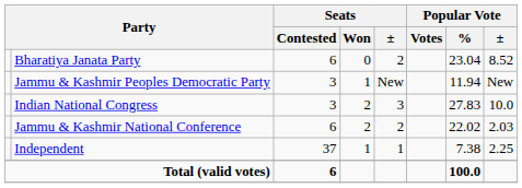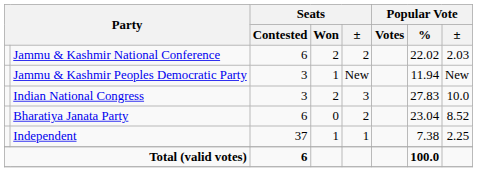 <table class="wikitable" style="text-align:right;">
 <tr style="background:#e9e9e9;">
 <th colspan="2" rowspan="2">Party</th>
 <th colspan="3">Seats</th>
 <th colspan="3">Popular Vote</th>
 </tr>
 <tr>
 <th>Contested</th>
 <th>Won</th>
 <th>±</th>
 <th>Votes</th>
 <th>%</th>
 <th>±</th>
 </tr>
 <tr>
 <td style="background-color:"></td>
-<td style="text-align:left;"><a href='#'>Bharatiya Janata Party</a></td>
+<td style="text-align:left;"><a href='#'>Jammu & Kashmir National Conference</a></td>
 <td>6</td>
-<td>0</td>
+<td>2</td>
 <td> 2</td>
 <td></td>
-<td>23.04</td>
-<td>8.52</td>
+<td>22.02</td>
+<td>2.03</td>
 </tr>
 <tr>
 <td style="background-color:"></td>
 <td style="text-align:left;"><a href='#'>Jammu & Kashmir Peoples Democratic Party</a></td>
 <td>3</td>
 <td>1</td>
 <td>New</td>
 <td></td>
 <td>11.94</td>
 <td>New</td>
 </tr>
 <tr>
 <td style="background-color:"></td>
 <td style="text-align:left;"><a href='#'>Indian National Congress</a></td>
 <td>3</td>
 <td>2</td>
 <td> 3</td>
 <td></td>
 <td>27.83</td>
 <td>10.0</td>
 </tr>
 <tr>
 <td style="background-color:"></td>
-<td style="text-align:left;"><a href='#'>Jammu & Kashmir National Conference</a></td>
+<td style="text-align:left;"><a href='#'>Bharatiya Janata Party</a></td>
 <td>6</td>
-<td>2</td>
+<td>0</td>
 <td> 2</td>
 <td></td>
-<td>22.02</td>
-<td>2.03</td>
+<td>23.04</td>
+<td>8.52</td>
 </tr>
 <tr>
 <td style="background-color:"></td>
 <td style="text-align:left;"><a href='#'>Independent</a></td>
 <td>37</td>
 <td>1</td>
 <td> 1</td>
 <td></td>
 <td>7.38</td>
 <td> 2.25</td>
 </tr>
 <tr>
 </tr>
 <tr style="font-weight:bold;">
 <td colspan=2>Total (valid votes)</td>
 <td>6</td>
 <td></td>
 <td></td>
 <td></td>
 <td>100.0</td>
 <td></td>
 </tr>
 <tr>
 </tr>
 </table>
